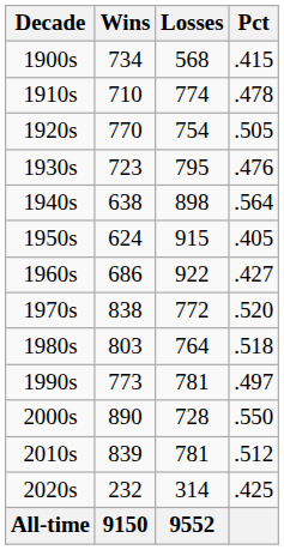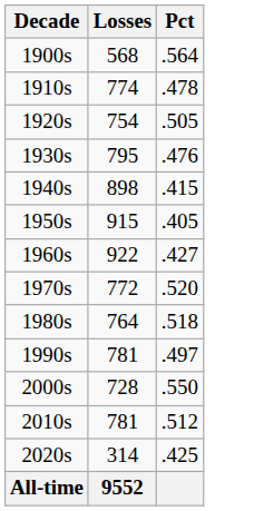 <table class="wikitable" style="text-align:center">
 <tr>
 <th style="text-align:center; ">Decade</th>
-<th style="text-align:center; ">Wins</th>
 <th style="text-align:center; ">Losses</th>
 <th style="text-align:center; ">Pct</th>
 </tr>
 <tr>
 <td>1900s</td>
-<td>734</td>
 <td>568</td>
-<td>.415</td>
+<td>.564</td>
 </tr>
 <tr>
 <td>1910s</td>
-<td>710</td>
 <td>774</td>
 <td>.478</td>
 </tr>
 <tr>
 <td>1920s</td>
-<td>770</td>
 <td>754</td>
 <td>.505</td>
 </tr>
 <tr>
 <td>1930s</td>
-<td>723</td>
 <td>795</td>
 <td>.476</td>
 </tr>
 <tr>
 <td>1940s</td>
-<td>638</td>
 <td>898</td>
-<td>.564</td>
+<td>.415</td>
 </tr>
 <tr>
 <td>1950s</td>
-<td>624</td>
 <td>915</td>
 <td>.405</td>
 </tr>
 <tr>
 <td>1960s</td>
-<td>686</td>
 <td>922</td>
 <td>.427</td>
 </tr>
 <tr>
 <td>1970s</td>
-<td>838</td>
 <td>772</td>
 <td>.520</td>
 </tr>
 <tr>
 <td>1980s</td>
-<td>803</td>
 <td>764</td>
 <td>.518</td>
 </tr>
 <tr>
 <td>1990s</td>
-<td>773</td>
 <td>781</td>
 <td>.497</td>
 </tr>
 <tr>
 <td>2000s</td>
-<td>890</td>
 <td>728</td>
 <td>.550</td>
 </tr>
 <tr>
 <td>2010s</td>
-<td>839</td>
 <td>781</td>
 <td>.512</td>
 </tr>
 <tr>
 <td>2020s</td>
-<td>232</td>
 <td>314</td>
 <td>.425</td>
 </tr>
 <tr style="background:#f0f0f0; font-weight:bold">
 <th style="text-align:center; ">All-time</th>
-<th style="text-align:center; ">9150</th>
 <th style="text-align:center; ">9552</th>
 <th style="text-align:center; "></th>
 </tr>
 </table>
